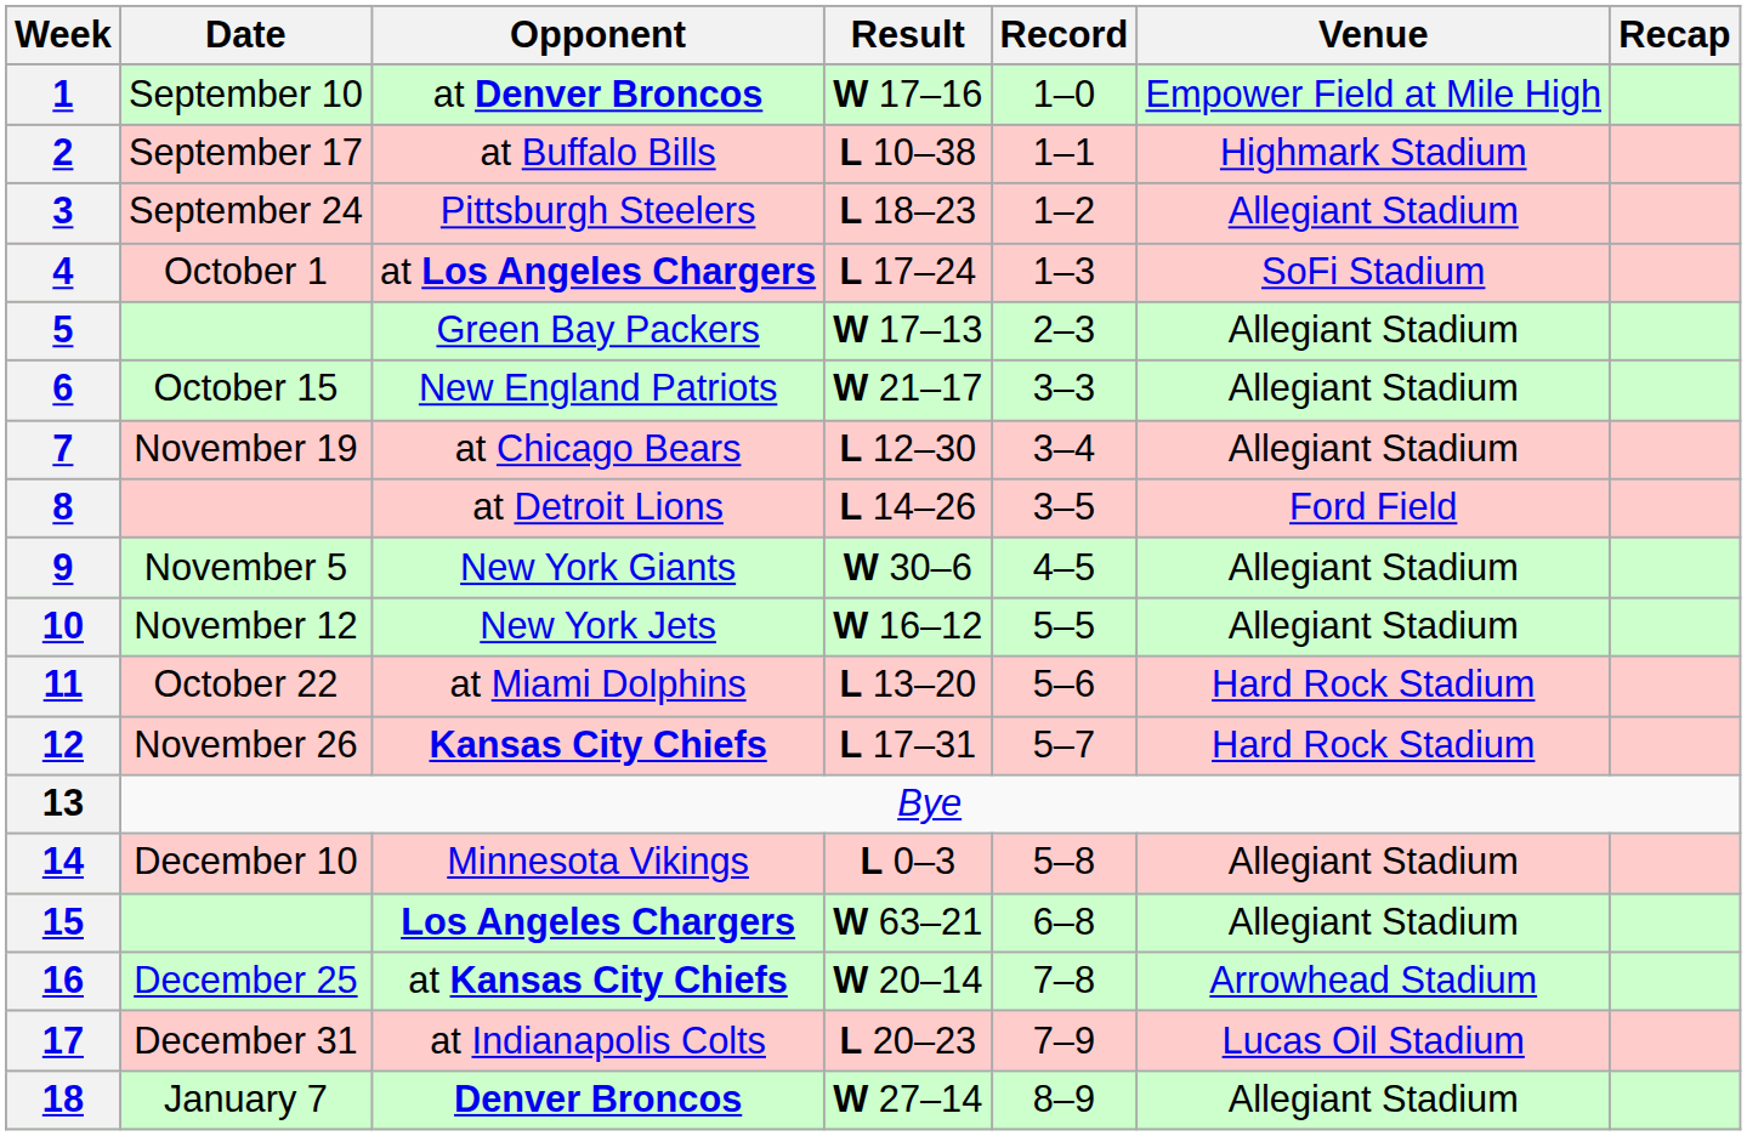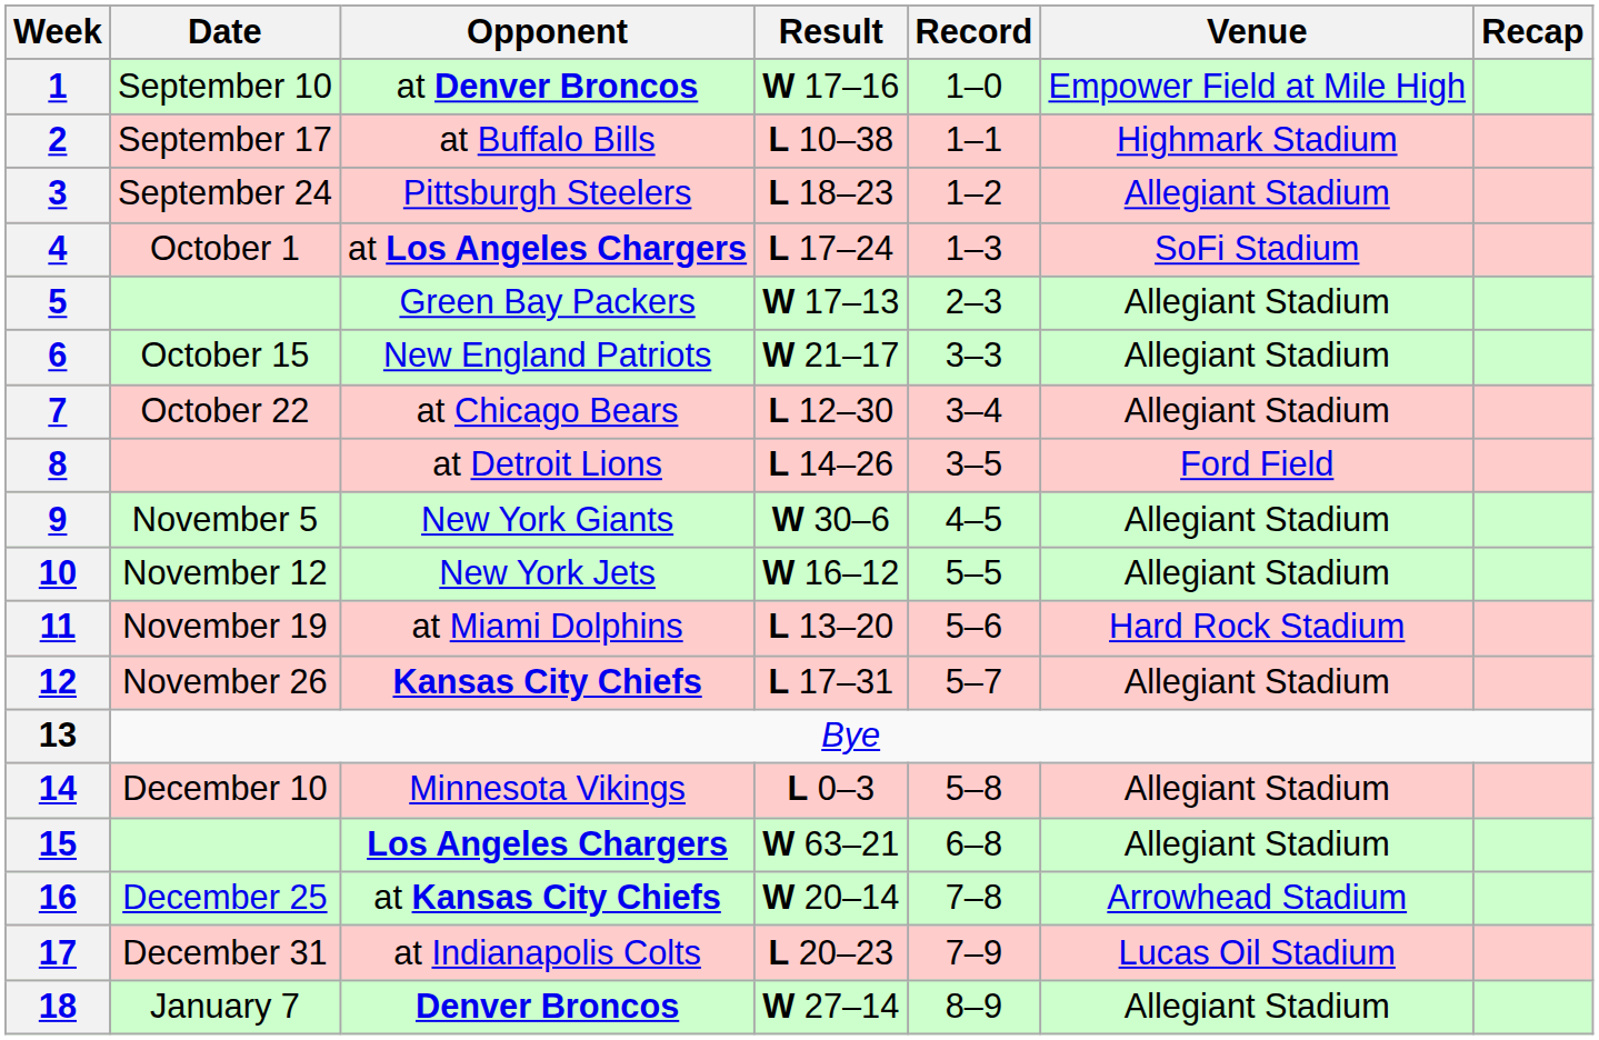 <table class="wikitable" style="text-align:center">
 <tr>
 <th>Week</th>
 <th>Date</th>
 <th>Opponent</th>
 <th>Result</th>
 <th>Record</th>
 <th>Venue</th>
 <th>Recap</th>
 </tr>
 <tr style="background:#cfc">
 <th><a href='#'>1</a></th>
 <td>September 10</td>
 <td>at <strong><a href='#'>Denver Broncos</a></strong></td>
 <td><strong>W</strong> 17–16</td>
 <td>1–0</td>
 <td><a href='#'>Empower Field at Mile High</a></td>
 <td></td>
 </tr>
 <tr style="background:#fcc">
 <th><a href='#'>2</a></th>
 <td>September 17</td>
 <td>at <a href='#'>Buffalo Bills</a></td>
 <td><strong>L</strong> 10–38</td>
 <td>1–1</td>
 <td><a href='#'>Highmark Stadium</a></td>
 <td></td>
 </tr>
 <tr style="background:#fcc">
 <th><a href='#'>3</a></th>
 <td>September 24</td>
 <td><a href='#'>Pittsburgh Steelers</a></td>
 <td><strong>L</strong> 18–23</td>
 <td>1–2</td>
 <td><a href='#'>Allegiant Stadium</a></td>
 <td></td>
 </tr>
 <tr style="background:#fcc">
 <th><a href='#'>4</a></th>
 <td>October 1</td>
 <td>at <strong><a href='#'>Los Angeles Chargers</a></strong></td>
 <td><strong>L</strong> 17–24</td>
 <td>1–3</td>
 <td><a href='#'>SoFi Stadium</a></td>
 <td></td>
 </tr>
 <tr style="background:#cfc">
 <th><a href='#'>5</a></th>
 <td></td>
 <td><a href='#'>Green Bay Packers</a></td>
 <td><strong>W</strong> 17–13</td>
 <td>2–3</td>
 <td>Allegiant Stadium</td>
 <td></td>
 </tr>
 <tr style="background:#cfc">
 <th><a href='#'>6</a></th>
 <td>October 15</td>
 <td><a href='#'>New England Patriots</a></td>
 <td><strong>W</strong> 21–17</td>
 <td>3–3</td>
 <td>Allegiant Stadium</td>
 <td></td>
 </tr>
 <tr style="background:#fcc">
 <th><a href='#'>7</a></th>
-<td>November 19</td>
+<td>October 22</td>
 <td>at <a href='#'>Chicago Bears</a></td>
 <td><strong>L</strong> 12–30</td>
 <td>3–4</td>
 <td>Allegiant Stadium</td>
 <td></td>
 </tr>
 <tr style="background:#fcc">
 <th><a href='#'>8</a></th>
 <td></td>
 <td>at <a href='#'>Detroit Lions</a></td>
 <td><strong>L</strong> 14–26</td>
 <td>3–5</td>
 <td><a href='#'>Ford Field</a></td>
 <td></td>
 </tr>
 <tr style="background:#cfc">
 <th><a href='#'>9</a></th>
 <td>November 5</td>
 <td><a href='#'>New York Giants</a></td>
 <td><strong>W</strong> 30–6</td>
 <td>4–5</td>
 <td>Allegiant Stadium</td>
 <td></td>
 </tr>
 <tr style="background:#cfc">
 <th><a href='#'>10</a></th>
 <td>November 12</td>
 <td><a href='#'>New York Jets</a></td>
 <td><strong>W</strong> 16–12</td>
 <td>5–5</td>
 <td>Allegiant Stadium</td>
 <td></td>
 </tr>
 <tr style="background:#fcc">
 <th><a href='#'>11</a></th>
-<td>October 22</td>
+<td>November 19</td>
 <td>at <a href='#'>Miami Dolphins</a></td>
 <td><strong>L</strong> 13–20</td>
 <td>5–6</td>
 <td><a href='#'>Hard Rock Stadium</a></td>
 <td></td>
 </tr>
 <tr style="background:#fcc">
 <th><a href='#'>12</a></th>
 <td>November 26</td>
 <td><strong><a href='#'>Kansas City Chiefs</a></strong></td>
 <td><strong>L</strong> 17–31</td>
 <td>5–7</td>
-<td><a href='#'>Hard Rock Stadium</a></td>
+<td>Allegiant Stadium</td>
 <td></td>
 </tr>
 <tr style="background:#">
 <th>13</th>
 <td colspan="6"><em><a href='#'>Bye</a></em></td>
 </tr>
 <tr style="background:#fcc">
 <th><a href='#'>14</a></th>
 <td>December 10</td>
 <td><a href='#'>Minnesota Vikings</a></td>
 <td><strong>L</strong> 0–3</td>
 <td>5–8</td>
 <td>Allegiant Stadium</td>
 <td></td>
 </tr>
 <tr style="background:#cfc">
 <th><a href='#'>15</a></th>
 <td></td>
 <td><strong><a href='#'>Los Angeles Chargers</a></strong></td>
 <td><strong>W</strong> 63–21</td>
 <td>6–8</td>
 <td>Allegiant Stadium</td>
 <td></td>
 </tr>
 <tr style="background:#cfc">
 <th><a href='#'>16</a></th>
 <td><a href='#'>December 25</a></td>
 <td>at <strong><a href='#'>Kansas City Chiefs</a></strong></td>
 <td><strong>W</strong> 20–14</td>
 <td>7–8</td>
 <td><a href='#'>Arrowhead Stadium</a></td>
 <td></td>
 </tr>
 <tr style="background:#fcc">
 <th><a href='#'>17</a></th>
 <td>December 31</td>
 <td>at <a href='#'>Indianapolis Colts</a></td>
 <td><strong>L</strong> 20–23</td>
 <td>7–9</td>
 <td><a href='#'>Lucas Oil Stadium</a></td>
 <td></td>
 </tr>
 <tr style="background:#cfc">
 <th><a href='#'>18</a></th>
 <td>January 7</td>
 <td><strong><a href='#'>Denver Broncos</a></strong></td>
 <td><strong>W</strong> 27–14</td>
 <td>8–9</td>
 <td>Allegiant Stadium</td>
 <td></td>
 </tr>
 </table>
